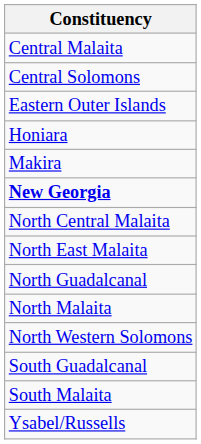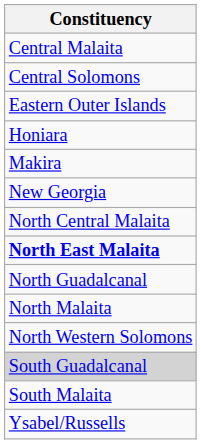 <table class=wikitable>
 <tr>
 <th>Constituency</th>
 </tr>
 <tr>
 <td><a href='#'>Central Malaita</a></td>
 </tr>
 <tr>
 <td><a href='#'>Central Solomons</a></td>
 </tr>
 <tr>
 <td><a href='#'>Eastern Outer Islands</a></td>
 </tr>
 <tr>
 <td><a href='#'>Honiara</a></td>
 </tr>
 <tr>
 <td><a href='#'>Makira</a></td>
 </tr>
 <tr>
-<td><strong><a href='#'>New Georgia</a></strong></td>
+<td><a href='#'>New Georgia</a></td>
 </tr>
 <tr>
 <td><a href='#'>North Central Malaita</a></td>
 </tr>
 <tr>
-<td><a href='#'>North East Malaita</a></td>
+<td><strong><a href='#'>North East Malaita</a></strong></td>
 </tr>
 <tr>
 <td><a href='#'>North Guadalcanal</a></td>
 </tr>
 <tr>
 <td><a href='#'>North Malaita</a></td>
 </tr>
 <tr>
 <td><a href='#'>North Western Solomons</a></td>
 </tr>
 <tr>
-<td><a href='#'>South Guadalcanal</a></td>
+<td style="background: lightgrey;"><a href='#'>South Guadalcanal</a></td>
 </tr>
 <tr>
 <td><a href='#'>South Malaita</a></td>
 </tr>
 <tr>
 <td><a href='#'>Ysabel/Russells</a></td>
 </tr>
 </table>
